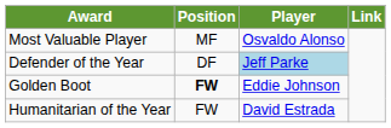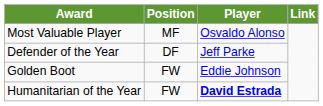 <table class=wikitable>
 <tr>
 <th style="background:#5d9731; color:white; text-align:center;">Award</th>
 <th style="background:#5d9731; color:white; text-align:center;">Position</th>
 <th style="background:#5d9731; color:white; text-align:center;">Player</th>
 <th style="background:#5d9731; color:white; text-align:center;">Link</th>
 </tr>
 <tr>
 <td>Most Valuable Player</td>
 <td align=center>MF</td>
 <td> <a href='#'>Osvaldo Alonso</a></td>
 <td rowspan=4></td>
 </tr>
 <tr>
 <td>Defender of the Year</td>
 <td align=center>DF</td>
-<td style="background: lightblue;"> <a href='#'>Jeff Parke</a></td>
+<td> <a href='#'>Jeff Parke</a></td>
 </tr>
 <tr>
 <td>Golden Boot</td>
-<td align=center><strong>FW</strong></td>
+<td align=center>FW</td>
 <td> <a href='#'>Eddie Johnson</a></td>
 </tr>
 <tr>
 <td>Humanitarian of the Year</td>
 <td align=center>FW</td>
-<td> <a href='#'>David Estrada</a></td>
+<td><strong> <a href='#'>David Estrada</a></strong></td>
 </tr>
 </table>
